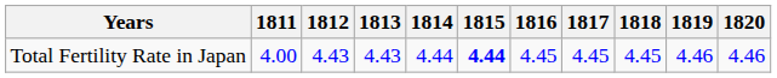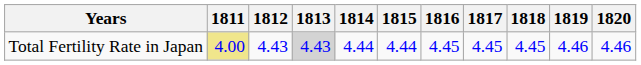 <table class="wikitable " style="text-align:right">
 <tr>
 <th>Years</th>
 <th>1811</th>
 <th>1812</th>
 <th>1813</th>
 <th>1814</th>
 <th>1815</th>
 <th>1816</th>
 <th>1817</th>
 <th>1818</th>
 <th>1819</th>
 <th>1820</th>
 </tr>
 <tr>
 <td align="left">Total Fertility Rate in Japan</td>
-<td style="text-align:right; color:blue;">4.00</td>
+<td style="background: khaki; text-align:right; color:blue;">4.00</td>
 <td style="text-align:right; color:blue;">4.43</td>
-<td style="text-align:right; color:blue;">4.43</td>
+<td style="background: lightgrey; text-align:right; color:blue;">4.43</td>
 <td style="text-align:right; color:blue;">4.44</td>
-<td style="text-align:right; color:blue;"><strong>4.44</strong></td>
+<td style="text-align:right; color:blue;">4.44</td>
 <td style="text-align:right; color:blue;">4.45</td>
 <td style="text-align:right; color:blue;">4.45</td>
 <td style="text-align:right; color:blue;">4.45</td>
 <td style="text-align:right; color:blue;">4.46</td>
 <td style="text-align:right; color:blue;">4.46</td>
 </tr>
 </table>
